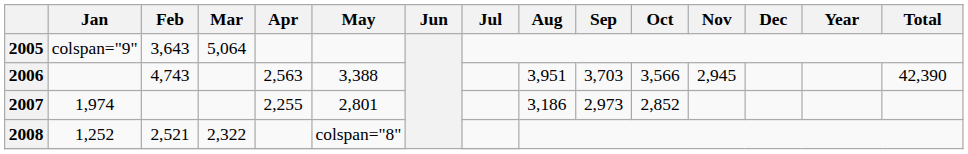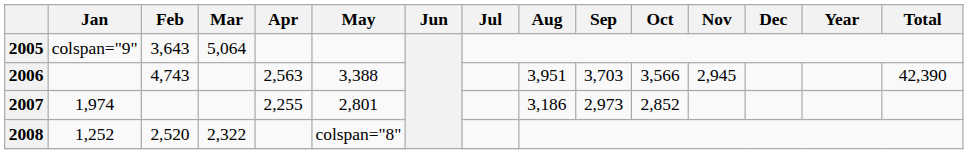 <table class="wikitable" style="font-size: 90%; text-align: center">
 <tr>
 <th></th>
 <th width="40px">Jan</th>
 <th width="40px">Feb</th>
 <th width="40px">Mar</th>
 <th width="40px">Apr</th>
 <th width="40px">May</th>
 <th width="40px">Jun</th>
 <th width="40px">Jul</th>
 <th width="40px">Aug</th>
 <th width="40px">Sep</th>
 <th width="40px">Oct</th>
 <th width="40px">Nov</th>
 <th width="40px">Dec</th>
 <th width="60px">Year</th>
 <th width="60px">Total</th>
 </tr>
 <tr>
 <th>2005</th>
 <td>colspan="9" </td>
 <td>3,643</td>
 <td>5,064</td>
 <td></td>
 <td></td>
 <th rowspan="6"></th>
 </tr>
 <tr>
 <th>2006</th>
 <td></td>
 <td>4,743</td>
 <td></td>
 <td>2,563</td>
 <td>3,388</td>
 <td></td>
 <td>3,951</td>
 <td>3,703</td>
 <td>3,566</td>
 <td>2,945</td>
 <td></td>
 <td></td>
 <td>42,390</td>
 </tr>
 <tr>
 <th>2007</th>
 <td>1,974</td>
 <td></td>
 <td></td>
 <td>2,255</td>
 <td>2,801</td>
 <td></td>
 <td>3,186</td>
 <td>2,973</td>
 <td>2,852</td>
 <td></td>
 <td></td>
 <td></td>
 <td></td>
 </tr>
 <tr>
 <th>2008</th>
 <td>1,252</td>
-<td>2,521</td>
+<td>2,520</td>
 <td>2,322</td>
 <td></td>
 <td>colspan="8" </td>
 <td></td>
 </tr>
 <tr>
 </tr>
 </table>
